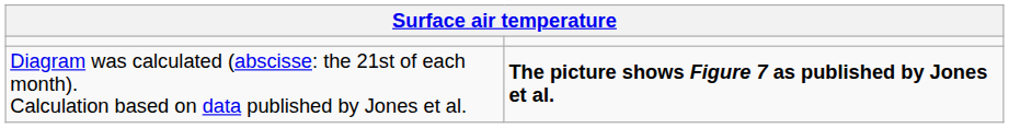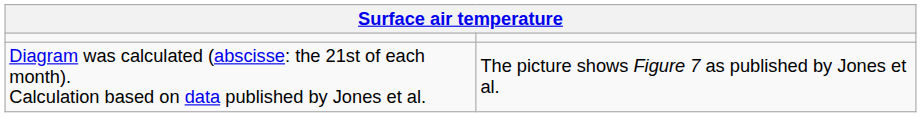 <table class="wikitable"  style="margin:auto; width:800px;">
 <tr>
 <th colspan="2"><a href='#'>Surface air temperature</a></th>
 </tr>
 <tr>
 <td> </td>
 <td> </td>
 </tr>
 <tr>
 <td><a href='#'>Diagram</a> was calculated (<a href='#'>abscisse</a>: the 21st of each month).<br>Calculation based on <a href='#'>data</a> published by Jones et al.</td>
-<td><strong>The picture shows <em>Figure 7</em> as published by Jones et al.</strong></td>
+<td>The picture shows <em>Figure 7</em> as published by Jones et al.</td>
 </tr>
 </table>
